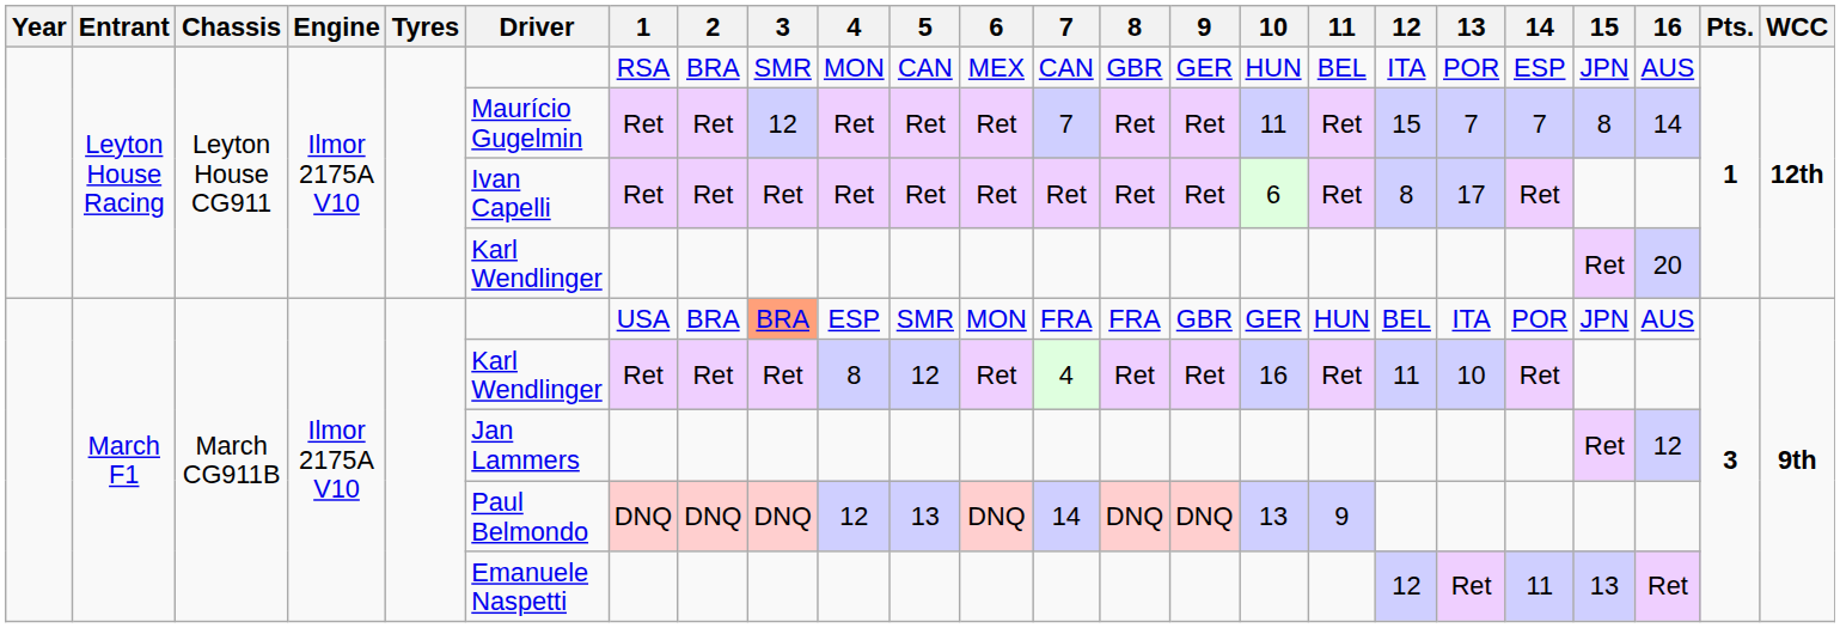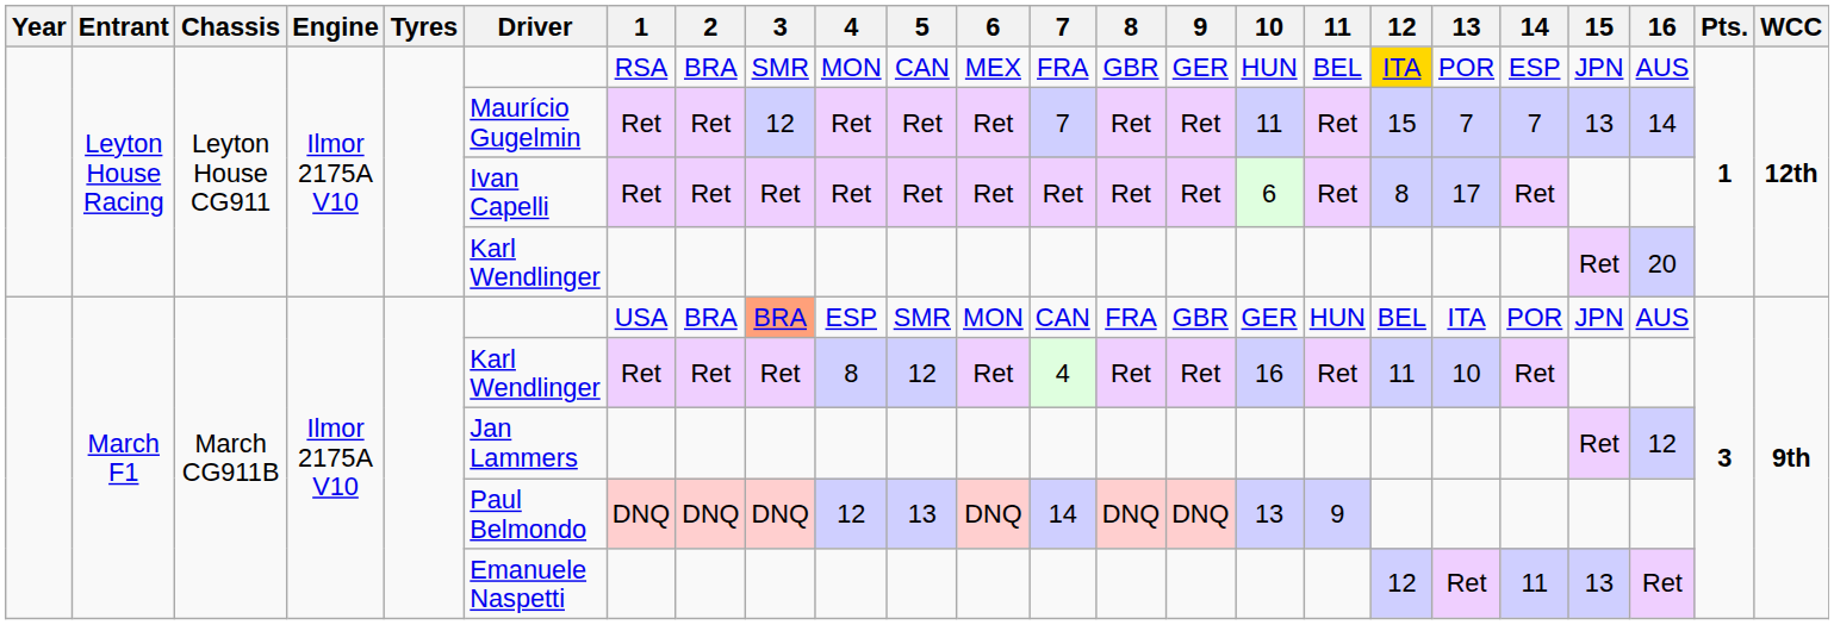 <table class="wikitable" style="text-align:center; font-size:95%">
 <tr>
 <th>Year</th>
 <th>Entrant</th>
 <th>Chassis</th>
 <th>Engine</th>
 <th>Tyres</th>
 <th>Driver</th>
 <th>1</th>
 <th>2</th>
 <th>3</th>
 <th>4</th>
 <th>5</th>
 <th>6</th>
 <th>7</th>
 <th>8</th>
 <th>9</th>
 <th>10</th>
 <th>11</th>
 <th>12</th>
 <th>13</th>
 <th>14</th>
 <th>15</th>
 <th>16</th>
 <th>Pts.</th>
 <th>WCC</th>
 </tr>
 <tr>
 <td rowspan="4"></td>
 <td rowspan="4"><a href='#'>Leyton House Racing</a></td>
 <td rowspan="4">Leyton House CG911</td>
 <td rowspan="4"><a href='#'>Ilmor</a> 2175A<br><a href='#'>V10</a></td>
 <td rowspan="4"></td>
 <td></td>
 <td><a href='#'>RSA</a></td>
 <td><a href='#'>BRA</a></td>
 <td><a href='#'>SMR</a></td>
 <td><a href='#'>MON</a></td>
 <td><a href='#'>CAN</a></td>
 <td><a href='#'>MEX</a></td>
-<td><a href='#'>CAN</a></td>
+<td><a href='#'>FRA</a></td>
 <td><a href='#'>GBR</a></td>
 <td><a href='#'>GER</a></td>
 <td><a href='#'>HUN</a></td>
 <td><a href='#'>BEL</a></td>
-<td><a href='#'>ITA</a></td>
+<td style="background: gold;"><a href='#'>ITA</a></td>
 <td><a href='#'>POR</a></td>
 <td><a href='#'>ESP</a></td>
 <td><a href='#'>JPN</a></td>
 <td><a href='#'>AUS</a></td>
 <td rowspan="4"><strong>1</strong></td>
 <td rowspan="4"><strong>12th</strong></td>
 </tr>
 <tr>
 <td align="left"><a href='#'>Maurício Gugelmin</a></td>
 <td style="background:#efcfff;">Ret</td>
 <td style="background:#efcfff;">Ret</td>
 <td style="background:#cfcfff;">12</td>
 <td style="background:#efcfff;">Ret</td>
 <td style="background:#efcfff;">Ret</td>
 <td style="background:#efcfff;">Ret</td>
 <td style="background:#cfcfff;">7</td>
 <td style="background:#efcfff;">Ret</td>
 <td style="background:#efcfff;">Ret</td>
 <td style="background:#cfcfff;">11</td>
 <td style="background:#efcfff;">Ret</td>
 <td style="background:#cfcfff;">15</td>
 <td style="background:#cfcfff;">7</td>
 <td style="background:#cfcfff;">7</td>
-<td style="background:#cfcfff;">8</td>
+<td style="background:#cfcfff;">13</td>
 <td style="background:#cfcfff;">14</td>
 </tr>
 <tr>
 <td align="left"><a href='#'>Ivan Capelli</a></td>
 <td style="background:#efcfff;">Ret</td>
 <td style="background:#efcfff;">Ret</td>
 <td style="background:#efcfff;">Ret</td>
 <td style="background:#efcfff;">Ret</td>
 <td style="background:#efcfff;">Ret</td>
 <td style="background:#efcfff;">Ret</td>
 <td style="background:#efcfff;">Ret</td>
 <td style="background:#efcfff;">Ret</td>
 <td style="background:#efcfff;">Ret</td>
 <td style="background:#dfffdf;">6</td>
 <td style="background:#efcfff;">Ret</td>
 <td style="background:#cfcfff;">8</td>
 <td style="background:#cfcfff;">17</td>
 <td style="background:#efcfff;">Ret</td>
 <td></td>
 <td></td>
 </tr>
 <tr>
 <td align="left"><a href='#'>Karl Wendlinger</a></td>
 <td></td>
 <td></td>
 <td></td>
 <td></td>
 <td></td>
 <td></td>
 <td></td>
 <td></td>
 <td></td>
 <td></td>
 <td></td>
 <td></td>
 <td></td>
 <td></td>
 <td style="background:#efcfff;">Ret</td>
 <td style="background:#cfcfff;">20</td>
 </tr>
 <tr>
 <td rowspan="5"></td>
 <td rowspan="5"><a href='#'>March F1</a></td>
 <td rowspan="5">March CG911B</td>
 <td rowspan="5"><a href='#'>Ilmor</a> 2175A<br><a href='#'>V10</a></td>
 <td rowspan="5"></td>
 <td></td>
 <td><a href='#'>USA</a></td>
 <td><a href='#'>BRA</a></td>
 <td style="background: lightsalmon;"><a href='#'>BRA</a></td>
 <td><a href='#'>ESP</a></td>
 <td><a href='#'>SMR</a></td>
 <td><a href='#'>MON</a></td>
-<td><a href='#'>FRA</a></td>
+<td><a href='#'>CAN</a></td>
 <td><a href='#'>FRA</a></td>
 <td><a href='#'>GBR</a></td>
 <td><a href='#'>GER</a></td>
 <td><a href='#'>HUN</a></td>
 <td><a href='#'>BEL</a></td>
 <td><a href='#'>ITA</a></td>
 <td><a href='#'>POR</a></td>
 <td><a href='#'>JPN</a></td>
 <td><a href='#'>AUS</a></td>
 <td rowspan="5"><strong>3</strong></td>
 <td rowspan="5"><strong>9th</strong></td>
 </tr>
 <tr>
 <td align="left"><a href='#'>Karl Wendlinger</a></td>
 <td style="background:#efcfff;">Ret</td>
 <td style="background:#efcfff;">Ret</td>
 <td style="background:#efcfff;">Ret</td>
 <td style="background:#cfcfff;">8</td>
 <td style="background:#cfcfff;">12</td>
 <td style="background:#efcfff;">Ret</td>
 <td style="background:#dfffdf;">4</td>
 <td style="background:#efcfff;">Ret</td>
 <td style="background:#efcfff;">Ret</td>
 <td style="background:#cfcfff;">16</td>
 <td style="background:#efcfff;">Ret</td>
 <td style="background:#cfcfff;">11</td>
 <td style="background:#cfcfff;">10</td>
 <td style="background:#efcfff;">Ret</td>
 <td></td>
 <td></td>
 </tr>
 <tr>
 <td align="left"><a href='#'>Jan Lammers</a></td>
 <td></td>
 <td></td>
 <td></td>
 <td></td>
 <td></td>
 <td></td>
 <td></td>
 <td></td>
 <td></td>
 <td></td>
 <td></td>
 <td></td>
 <td></td>
 <td></td>
 <td style="background:#efcfff;">Ret</td>
 <td style="background:#cfcfff;">12</td>
 </tr>
 <tr>
 <td align="left"><a href='#'>Paul Belmondo</a></td>
 <td style="background:#ffcfcf;">DNQ</td>
 <td style="background:#ffcfcf;">DNQ</td>
 <td style="background:#ffcfcf;">DNQ</td>
 <td style="background:#cfcfff;">12</td>
 <td style="background:#cfcfff;">13</td>
 <td style="background:#ffcfcf;">DNQ</td>
 <td style="background:#cfcfff;">14</td>
 <td style="background:#ffcfcf;">DNQ</td>
 <td style="background:#ffcfcf;">DNQ</td>
 <td style="background:#cfcfff;">13</td>
 <td style="background:#cfcfff;">9</td>
 <td></td>
 <td></td>
 <td></td>
 <td></td>
 <td></td>
 </tr>
 <tr>
 <td align="left"><a href='#'>Emanuele Naspetti</a></td>
 <td></td>
 <td></td>
 <td></td>
 <td></td>
 <td></td>
 <td></td>
 <td></td>
 <td></td>
 <td></td>
 <td></td>
 <td></td>
 <td style="background:#cfcfff;">12</td>
 <td style="background:#efcfff;">Ret</td>
 <td style="background:#cfcfff;">11</td>
 <td style="background:#cfcfff;">13</td>
 <td style="background:#efcfff;">Ret</td>
 </tr>
 </table>
